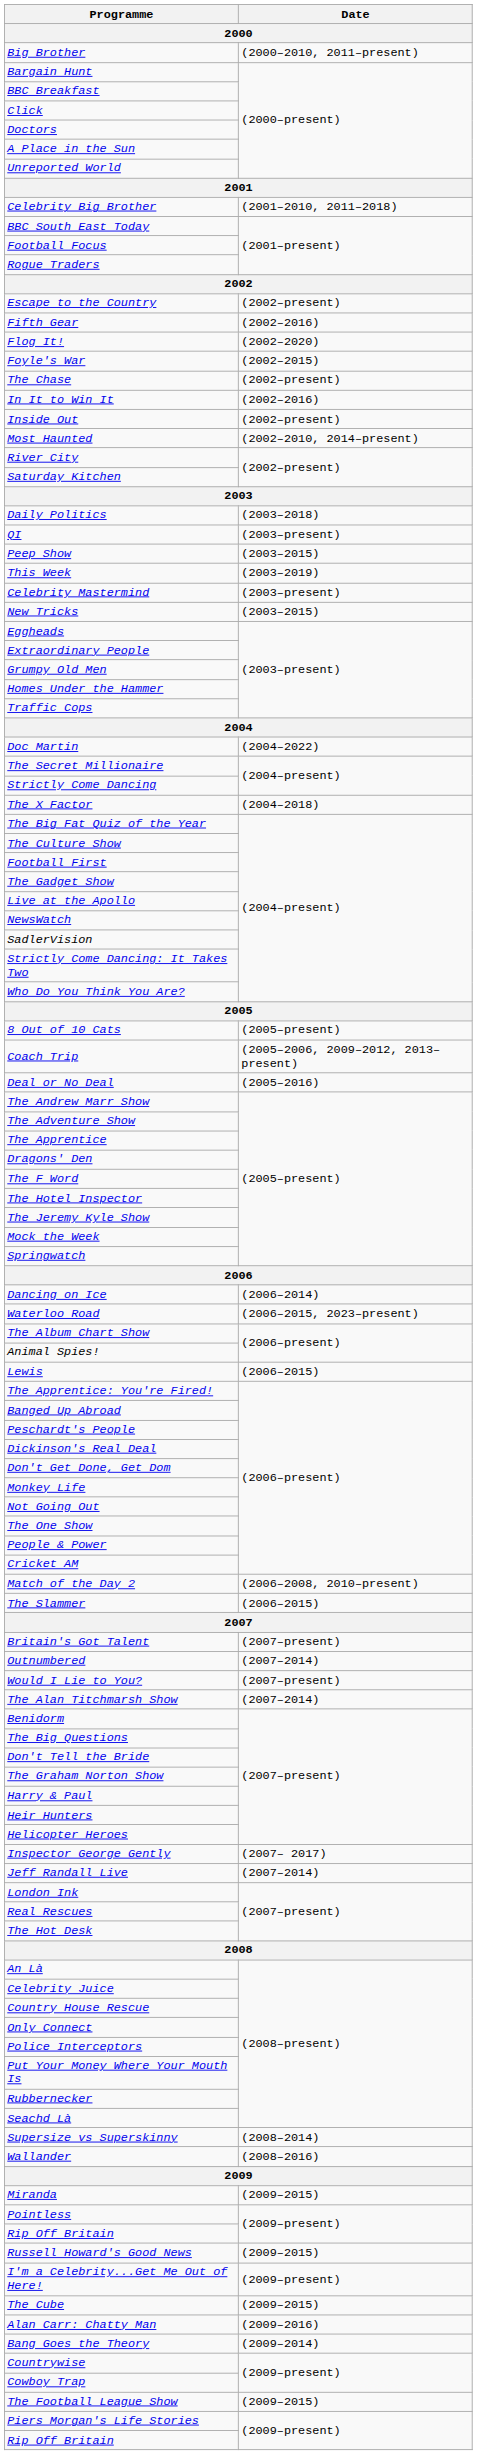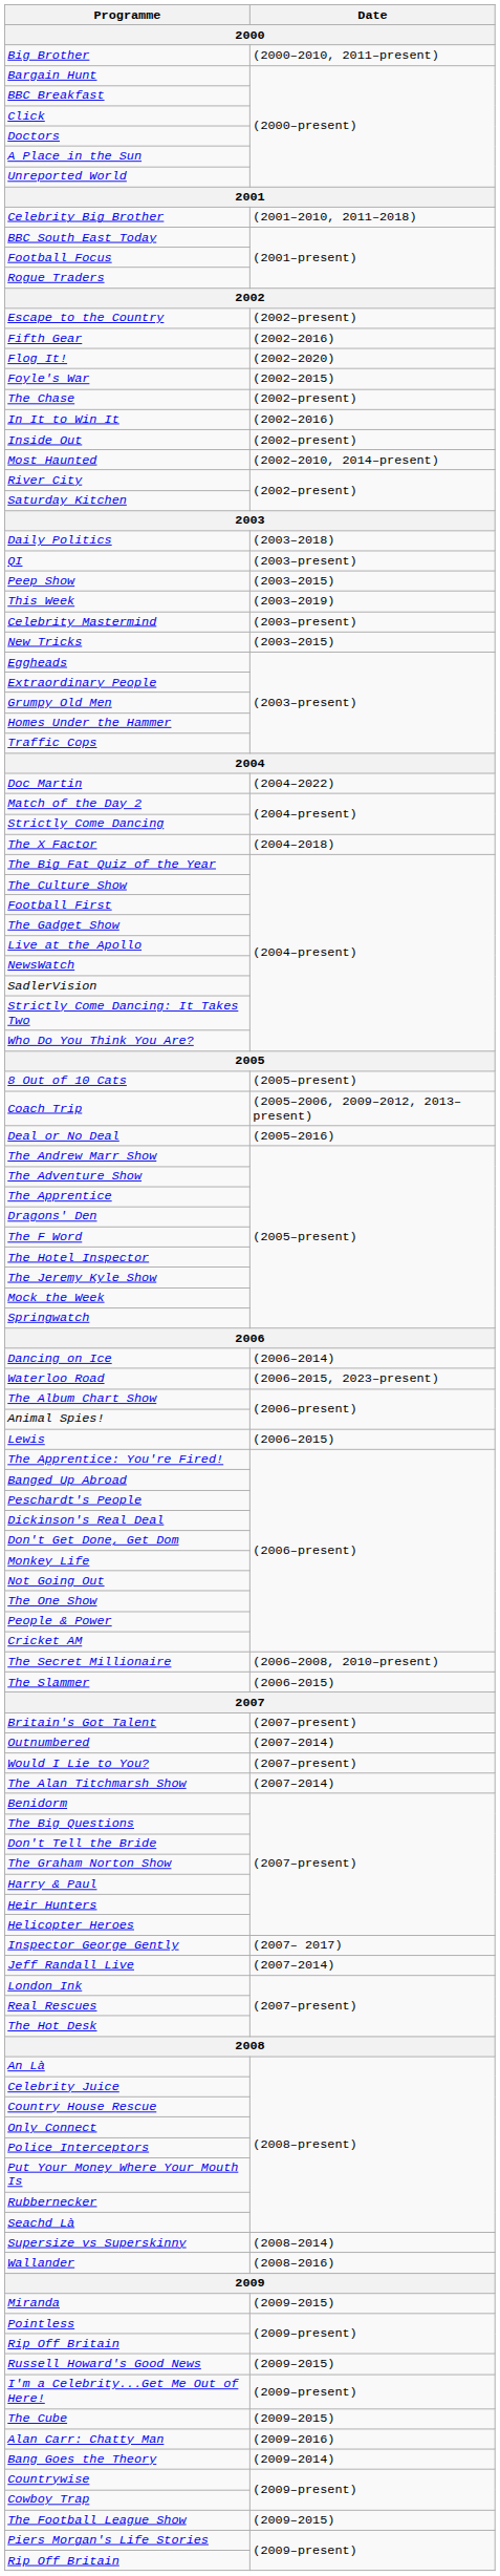 <table class="wikitable">
 <tr>
 <th width=251>Programme</th>
 <th width=251>Date</th>
 </tr>
 <tr>
 <th colspan=2>2000</th>
 </tr>
 <tr>
 <td><em><a href='#'>Big Brother</a></em></td>
 <td>(2000–2010, 2011–present)</td>
 </tr>
 <tr>
 <td><em><a href='#'>Bargain Hunt</a></em></td>
 <td rowspan="6">(2000–present)</td>
 </tr>
 <tr>
 <td><em><a href='#'>BBC Breakfast</a></em></td>
 </tr>
 <tr>
 <td><em><a href='#'>Click</a></em></td>
 </tr>
 <tr>
 <td><em><a href='#'>Doctors</a></em></td>
 </tr>
 <tr>
 <td><em><a href='#'>A Place in the Sun</a></em></td>
 </tr>
 <tr>
 <td><em><a href='#'>Unreported World</a></em></td>
 </tr>
 <tr>
 <th colspan=2>2001</th>
 </tr>
 <tr>
 <td><em><a href='#'>Celebrity Big Brother</a></em></td>
 <td>(2001–2010, 2011–2018)</td>
 </tr>
 <tr>
 <td><em><a href='#'>BBC South East Today</a></em></td>
 <td rowspan="3">(2001–present)</td>
 </tr>
 <tr>
 <td><em><a href='#'>Football Focus</a></em></td>
 </tr>
 <tr>
 <td><em><a href='#'>Rogue Traders</a></em></td>
 </tr>
 <tr>
 <th colspan=2>2002</th>
 </tr>
 <tr>
 <td><em><a href='#'>Escape to the Country</a></em></td>
 <td>(2002–present)</td>
 </tr>
 <tr>
 <td><em><a href='#'>Fifth Gear</a></em></td>
 <td>(2002–2016)</td>
 </tr>
 <tr>
 <td><em><a href='#'>Flog It!</a></em></td>
 <td>(2002–2020)</td>
 </tr>
 <tr>
 <td><em><a href='#'>Foyle's War</a></em></td>
 <td>(2002–2015)</td>
 </tr>
 <tr>
 <td><em><a href='#'>The Chase</a></em></td>
 <td>(2002–present)</td>
 </tr>
 <tr>
 <td><em><a href='#'>In It to Win It</a></em></td>
 <td>(2002–2016)</td>
 </tr>
 <tr>
 <td><em><a href='#'>Inside Out</a></em></td>
 <td>(2002–present)</td>
 </tr>
 <tr>
 <td><em><a href='#'>Most Haunted</a></em></td>
 <td>(2002–2010, 2014–present)</td>
 </tr>
 <tr>
 <td><em><a href='#'>River City</a></em></td>
 <td rowspan="2">(2002–present)</td>
 </tr>
 <tr>
 <td><em><a href='#'>Saturday Kitchen</a></em></td>
 </tr>
 <tr>
 <th colspan=2>2003</th>
 </tr>
 <tr>
 <td><em><a href='#'>Daily Politics</a></em></td>
 <td>(2003–2018)</td>
 </tr>
 <tr>
 <td><em><a href='#'>QI</a></em></td>
 <td>(2003–present)</td>
 </tr>
 <tr>
 <td><em><a href='#'>Peep Show</a></em></td>
 <td>(2003–2015)</td>
 </tr>
 <tr>
 <td><em><a href='#'>This Week</a></em></td>
 <td>(2003–2019)</td>
 </tr>
 <tr>
 <td><em><a href='#'>Celebrity Mastermind</a></em></td>
 <td>(2003–present)</td>
 </tr>
 <tr>
 <td><em><a href='#'>New Tricks</a></em></td>
 <td>(2003–2015)</td>
 </tr>
 <tr>
 <td><em><a href='#'>Eggheads</a></em></td>
 <td rowspan="5">(2003–present)</td>
 </tr>
 <tr>
 <td><em><a href='#'>Extraordinary People</a></em></td>
 </tr>
 <tr>
 <td><em><a href='#'>Grumpy Old Men</a></em></td>
 </tr>
 <tr>
 <td><em><a href='#'>Homes Under the Hammer</a></em></td>
 </tr>
 <tr>
 <td><em><a href='#'>Traffic Cops</a></em></td>
 </tr>
 <tr>
 <th colspan=2>2004</th>
 </tr>
 <tr>
 <td><em><a href='#'>Doc Martin</a></em></td>
 <td>(2004–2022)</td>
 </tr>
 <tr>
-<td><em><a href='#'>The Secret Millionaire</a></em></td>
+<td><em><a href='#'>Match of the Day 2</a></em></td>
 <td rowspan="2">(2004–present)</td>
 </tr>
 <tr>
 <td><em><a href='#'>Strictly Come Dancing</a></em></td>
 </tr>
 <tr>
 <td><em><a href='#'>The X Factor</a></em></td>
 <td>(2004–2018)</td>
 </tr>
 <tr>
 <td><em><a href='#'>The Big Fat Quiz of the Year</a></em></td>
 <td rowspan="9">(2004–present)</td>
 </tr>
 <tr>
 <td><em><a href='#'>The Culture Show</a></em></td>
 </tr>
 <tr>
 <td><em><a href='#'>Football First</a></em></td>
 </tr>
 <tr>
 <td><em><a href='#'>The Gadget Show</a></em></td>
 </tr>
 <tr>
 <td><em><a href='#'>Live at the Apollo</a></em></td>
 </tr>
 <tr>
 <td><em><a href='#'>NewsWatch</a></em></td>
 </tr>
 <tr>
 <td><em>SadlerVision</em></td>
 </tr>
 <tr>
 <td><em><a href='#'>Strictly Come Dancing: It Takes Two</a></em></td>
 </tr>
 <tr>
 <td><em><a href='#'>Who Do You Think You Are?</a></em></td>
 </tr>
 <tr>
 <th colspan=2>2005</th>
 </tr>
 <tr>
 <td><em><a href='#'>8 Out of 10 Cats</a></em></td>
 <td>(2005–present)</td>
 </tr>
 <tr>
 <td><em><a href='#'>Coach Trip</a></em></td>
 <td>(2005–2006, 2009–2012, 2013–present)</td>
 </tr>
 <tr>
 <td><em><a href='#'>Deal or No Deal</a></em></td>
 <td>(2005–2016)</td>
 </tr>
 <tr>
 <td><em><a href='#'>The Andrew Marr Show</a></em></td>
 <td rowspan="9">(2005–present)</td>
 </tr>
 <tr>
 <td><em><a href='#'>The Adventure Show</a></em></td>
 </tr>
 <tr>
 <td><em><a href='#'>The Apprentice</a></em></td>
 </tr>
 <tr>
 <td><em><a href='#'>Dragons' Den</a></em></td>
 </tr>
 <tr>
 <td><em><a href='#'>The F Word</a></em></td>
 </tr>
 <tr>
 <td><em><a href='#'>The Hotel Inspector</a></em></td>
 </tr>
 <tr>
 <td><em><a href='#'>The Jeremy Kyle Show</a></em></td>
 </tr>
 <tr>
 <td><em><a href='#'>Mock the Week</a></em></td>
 </tr>
 <tr>
 <td><em><a href='#'>Springwatch</a></em></td>
 </tr>
 <tr>
 <th colspan=2>2006</th>
 </tr>
 <tr>
 <td><em><a href='#'>Dancing on Ice</a></em></td>
 <td>(2006–2014)</td>
 </tr>
 <tr>
 <td><em><a href='#'>Waterloo Road</a></em></td>
 <td>(2006–2015, 2023–present)</td>
 </tr>
 <tr>
 <td><em><a href='#'>The Album Chart Show</a></em></td>
 <td rowspan="2">(2006–present)</td>
 </tr>
 <tr>
 <td><em>Animal Spies!</em></td>
 </tr>
 <tr>
 <td><em><a href='#'>Lewis</a></em></td>
 <td>(2006–2015)</td>
 </tr>
 <tr>
 <td><em><a href='#'>The Apprentice: You're Fired!</a></em></td>
 <td rowspan="10">(2006–present)</td>
 </tr>
 <tr>
 <td><em><a href='#'>Banged Up Abroad</a></em></td>
 </tr>
 <tr>
 <td><em><a href='#'>Peschardt's People</a></em></td>
 </tr>
 <tr>
 <td><em><a href='#'>Dickinson's Real Deal</a></em></td>
 </tr>
 <tr>
 <td><em><a href='#'>Don't Get Done, Get Dom</a></em></td>
 </tr>
 <tr>
 <td><em><a href='#'>Monkey Life</a></em></td>
 </tr>
 <tr>
 <td><em><a href='#'>Not Going Out</a></em></td>
 </tr>
 <tr>
 <td><em><a href='#'>The One Show</a></em></td>
 </tr>
 <tr>
 <td><em><a href='#'>People & Power</a></em></td>
 </tr>
 <tr>
 <td><em><a href='#'>Cricket AM</a></em></td>
 </tr>
 <tr>
-<td><em><a href='#'>Match of the Day 2</a></em></td>
+<td><em><a href='#'>The Secret Millionaire</a></em></td>
 <td>(2006–2008, 2010–present)</td>
 </tr>
 <tr>
 <td><em><a href='#'>The Slammer</a></em></td>
 <td>(2006–2015)</td>
 </tr>
 <tr>
 <th colspan=2>2007</th>
 </tr>
 <tr>
 <td><em><a href='#'>Britain's Got Talent</a></em></td>
 <td>(2007–present)</td>
 </tr>
 <tr>
 <td><em><a href='#'>Outnumbered</a></em></td>
 <td>(2007–2014)</td>
 </tr>
 <tr>
 <td><em><a href='#'>Would I Lie to You?</a></em></td>
 <td>(2007–present)</td>
 </tr>
 <tr>
 <td><em><a href='#'>The Alan Titchmarsh Show</a></em></td>
 <td>(2007–2014)</td>
 </tr>
 <tr>
 <td><em><a href='#'>Benidorm</a></em></td>
 <td rowspan="7">(2007–present)</td>
 </tr>
 <tr>
 <td><em><a href='#'>The Big Questions</a></em></td>
 </tr>
 <tr>
 <td><em><a href='#'>Don't Tell the Bride</a></em></td>
 </tr>
 <tr>
 <td><em><a href='#'>The Graham Norton Show</a></em></td>
 </tr>
 <tr>
 <td><em><a href='#'>Harry & Paul</a></em></td>
 </tr>
 <tr>
 <td><em><a href='#'>Heir Hunters</a></em></td>
 </tr>
 <tr>
 <td><em><a href='#'>Helicopter Heroes</a></em></td>
 </tr>
 <tr>
 <td><em><a href='#'>Inspector George Gently</a></em></td>
 <td>(2007– 2017)</td>
 </tr>
 <tr>
 <td><em><a href='#'>Jeff Randall Live</a></em></td>
 <td>(2007–2014)</td>
 </tr>
 <tr>
 <td><em><a href='#'>London Ink</a></em></td>
 <td rowspan="3">(2007–present)</td>
 </tr>
 <tr>
 <td><em><a href='#'>Real Rescues</a></em></td>
 </tr>
 <tr>
 <td><em><a href='#'>The Hot Desk</a></em></td>
 </tr>
 <tr>
 <th colspan=2>2008</th>
 </tr>
 <tr>
 <td><em><a href='#'>An Là</a></em></td>
 <td rowspan="8">(2008–present)</td>
 </tr>
 <tr>
 <td><em><a href='#'>Celebrity Juice</a></em></td>
 </tr>
 <tr>
 <td><em><a href='#'>Country House Rescue</a></em></td>
 </tr>
 <tr>
 <td><em><a href='#'>Only Connect</a></em></td>
 </tr>
 <tr>
 <td><em><a href='#'>Police Interceptors</a></em></td>
 </tr>
 <tr>
 <td><em><a href='#'>Put Your Money Where Your Mouth Is</a></em></td>
 </tr>
 <tr>
 <td><em><a href='#'>Rubbernecker</a></em></td>
 </tr>
 <tr>
 <td><em><a href='#'>Seachd Là</a></em></td>
 </tr>
 <tr>
 <td><em><a href='#'>Supersize vs Superskinny</a></em></td>
 <td>(2008–2014)</td>
 </tr>
 <tr>
 <td><em><a href='#'>Wallander</a></em></td>
 <td>(2008–2016)</td>
 </tr>
 <tr>
 <th colspan=2>2009</th>
 </tr>
 <tr>
 <td><em><a href='#'>Miranda</a></em></td>
 <td>(2009–2015)</td>
 </tr>
 <tr>
 <td><em><a href='#'>Pointless</a></em></td>
 <td rowspan="2">(2009–present)</td>
 </tr>
 <tr>
 <td><em><a href='#'>Rip Off Britain</a></em></td>
 </tr>
 <tr>
 <td><em><a href='#'>Russell Howard's Good News</a></em></td>
 <td>(2009–2015)</td>
 </tr>
 <tr>
 <td><em><a href='#'>I'm a Celebrity...Get Me Out of Here!</a></em></td>
 <td>(2009–present)</td>
 </tr>
 <tr>
 <td><em><a href='#'>The Cube</a></em></td>
 <td>(2009–2015)</td>
 </tr>
 <tr>
 <td><em><a href='#'>Alan Carr: Chatty Man</a></em></td>
 <td>(2009–2016)</td>
 </tr>
 <tr>
 <td><em><a href='#'>Bang Goes the Theory</a></em></td>
 <td>(2009–2014)</td>
 </tr>
 <tr>
 <td><em><a href='#'>Countrywise</a></em></td>
 <td rowspan="2">(2009–present)</td>
 </tr>
 <tr>
 <td><em><a href='#'>Cowboy Trap</a></em></td>
 </tr>
 <tr>
 <td><em><a href='#'>The Football League Show</a></em></td>
 <td>(2009–2015)</td>
 </tr>
 <tr>
 <td><em><a href='#'>Piers Morgan's Life Stories</a></em></td>
 <td rowspan="2">(2009–present)</td>
 </tr>
 <tr>
 <td><em><a href='#'>Rip Off Britain</a></em></td>
 </tr>
 </table>
